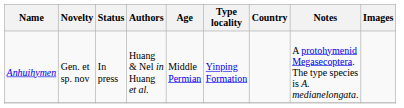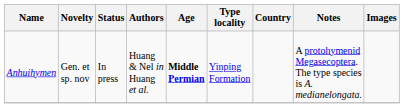 <table class="wikitable sortable" align="center" width="100%">
 <tr>
 <th>Name</th>
 <th>Novelty</th>
 <th>Status</th>
 <th>Authors</th>
 <th>Age</th>
 <th>Type locality</th>
 <th>Country</th>
 <th>Notes</th>
 <th>Images</th>
 </tr>
 <tr>
 <td><br><em><a href='#'>Anhuihymen</a></em></td>
 <td><br>Gen. et sp. nov</td>
 <td><br>In press</td>
 <td><br>Huang & Nel <em>in</em> Huang <em>et al.</em></td>
-<td><br>Middle <a href='#'>Permian</a></td>
+<td><strong><br>Middle <a href='#'>Permian</a></strong></td>
 <td><br><a href='#'>Yinping Formation</a></td>
 <td><br></td>
 <td><br>A <a href='#'>protohymenid</a> <a href='#'>Megasecoptera</a>.<br> The type species is <em>A. medianelongata</em>.</td>
 <td></td>
 </tr>
 <tr>
 </tr>
 </table>
